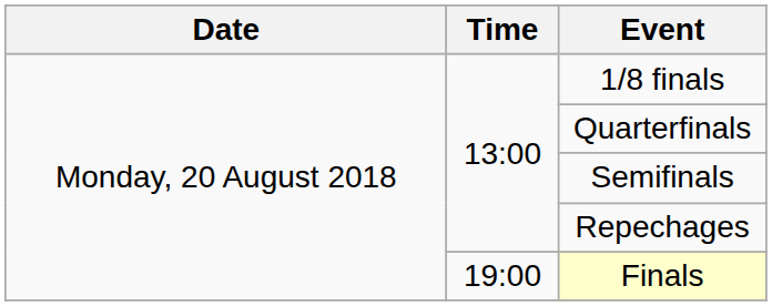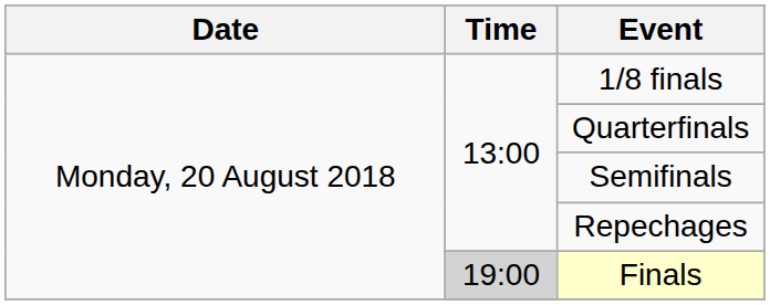 <table class = "wikitable" style="text-align:center;">
 <tr>
 <th width=220>Date</th>
 <th width=50>Time</th>
 <th width=100>Event</th>
 </tr>
 <tr>
 <td rowspan=5>Monday, 20 August 2018</td>
 <td rowspan=4>13:00</td>
 <td>1/8 finals</td>
 </tr>
 <tr>
 <td>Quarterfinals</td>
 </tr>
 <tr>
 <td>Semifinals</td>
 </tr>
 <tr>
 <td>Repechages</td>
 </tr>
 <tr>
-<td>19:00</td>
+<td style="background: lightgrey;">19:00</td>
 <td bgcolor=ffffcc>Finals</td>
 </tr>
 </table>
